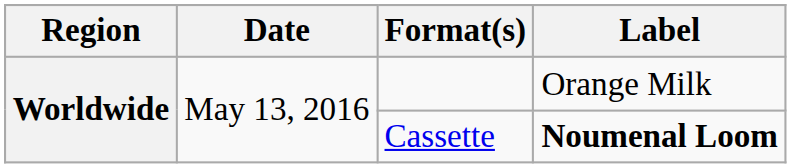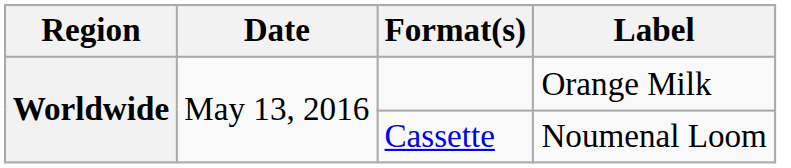 <table class="wikitable plainrowheaders">
 <tr>
 <th scope="col">Region</th>
 <th scope="col">Date</th>
 <th scope="col">Format(s)</th>
 <th scope="col">Label</th>
 </tr>
 <tr>
 <th scope="row" rowspan=2>Worldwide</th>
 <td rowspan=2>May 13, 2016</td>
 <td></td>
 <td>Orange Milk</td>
 </tr>
 <tr>
 <td><a href='#'>Cassette</a></td>
-<td><strong>Noumenal Loom</strong></td>
+<td>Noumenal Loom</td>
 </tr>
 </table>
